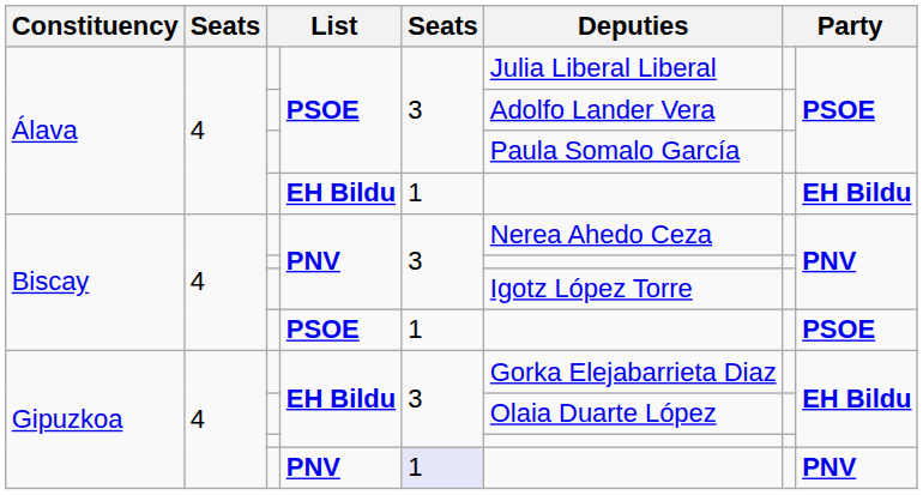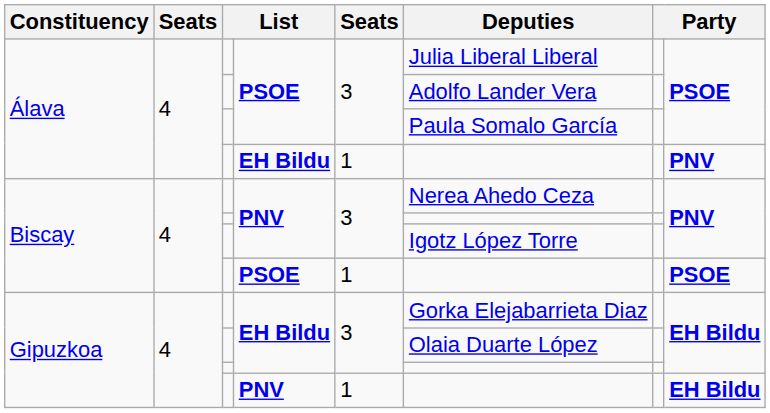 <table class="wikitable sortable">
 <tr>
 <th>Constituency</th>
 <th>Seats</th>
 <th colspan="2">List</th>
 <th>Seats</th>
 <th>Deputies</th>
 <th colspan="2">Party</th>
 </tr>
 <tr>
 <td rowspan="4"><a href='#'>Álava</a></td>
 <td rowspan="4">4</td>
 <td width="1"></td>
 <td rowspan="3"><strong><a href='#'>PSOE</a></strong></td>
 <td rowspan="3">3</td>
 <td><a href='#'>Julia Liberal Liberal</a></td>
 <td width="1"></td>
 <td rowspan="3"><strong><a href='#'>PSOE</a></strong></td>
 </tr>
 <tr>
 <td width="1"></td>
 <td><a href='#'>Adolfo Lander Vera</a></td>
 <td width="1"></td>
 </tr>
 <tr>
 <td width="1"></td>
 <td><a href='#'>Paula Somalo García</a></td>
 <td width="1"></td>
 </tr>
 <tr>
 <td></td>
 <td><strong><a href='#'>EH Bildu</a></strong></td>
 <td>1</td>
 <td></td>
 <td></td>
-<td><strong><a href='#'>EH Bildu</a></strong></td>
+<td><strong><a href='#'>PNV</a></strong></td>
 </tr>
 <tr>
 <td rowspan="4"><a href='#'>Biscay</a></td>
 <td rowspan="4">4</td>
 <td></td>
 <td rowspan="3"><strong><a href='#'>PNV</a></strong></td>
 <td rowspan="3">3</td>
 <td><a href='#'>Nerea Ahedo Ceza</a></td>
 <td></td>
 <td rowspan="3"><strong><a href='#'>PNV</a></strong></td>
 </tr>
 <tr>
 <td></td>
 <td></td>
 <td></td>
 </tr>
 <tr>
 <td></td>
 <td><a href='#'>Igotz López Torre</a></td>
 <td></td>
 </tr>
 <tr>
 <td width="1"></td>
 <td><strong><a href='#'>PSOE</a></strong></td>
 <td>1</td>
 <td></td>
 <td width="1"></td>
 <td><strong><a href='#'>PSOE</a></strong></td>
 </tr>
 <tr>
 <td rowspan="4"><a href='#'>Gipuzkoa</a></td>
 <td rowspan="4">4</td>
 <td></td>
 <td rowspan="3"><strong><a href='#'>EH Bildu</a></strong></td>
 <td rowspan="3">3</td>
 <td><a href='#'>Gorka Elejabarrieta Diaz</a></td>
 <td></td>
 <td rowspan="3"><strong><a href='#'>EH Bildu</a></strong></td>
 </tr>
 <tr>
 <td></td>
 <td><a href='#'>Olaia Duarte López</a></td>
 <td></td>
 </tr>
 <tr>
 <td></td>
 <td></td>
 <td></td>
 </tr>
 <tr>
 <td></td>
 <td><strong><a href='#'>PNV</a></strong></td>
-<td style="background: lavender;">1</td>
+<td>1</td>
 <td></td>
 <td></td>
-<td><strong><a href='#'>PNV</a></strong></td>
+<td><strong><a href='#'>EH Bildu</a></strong></td>
 </tr>
 </table>
